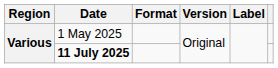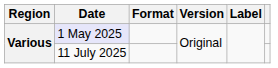 <table class="wikitable plainrowheaders">
 <tr>
 <th scope="col">Region</th>
 <th scope="col">Date</th>
 <th scope="col">Format</th>
 <th scope="col">Version</th>
 <th scope="col">Label</th>
 <th scope="col"></th>
 </tr>
 <tr>
 <th rowspan="2" scope="row">Various</th>
-<td>1 May 2025</td>
+<td style="background: lavender;">1 May 2025</td>
 <td></td>
 <td rowspan="2">Original</td>
 <td rowspan="2"></td>
 <td style="text-align:center;"></td>
 </tr>
 <tr>
-<td><strong>11 July 2025</strong></td>
+<td>11 July 2025</td>
 <td></td>
 <td style="text-align:center;"></td>
 </tr>
 </table>
